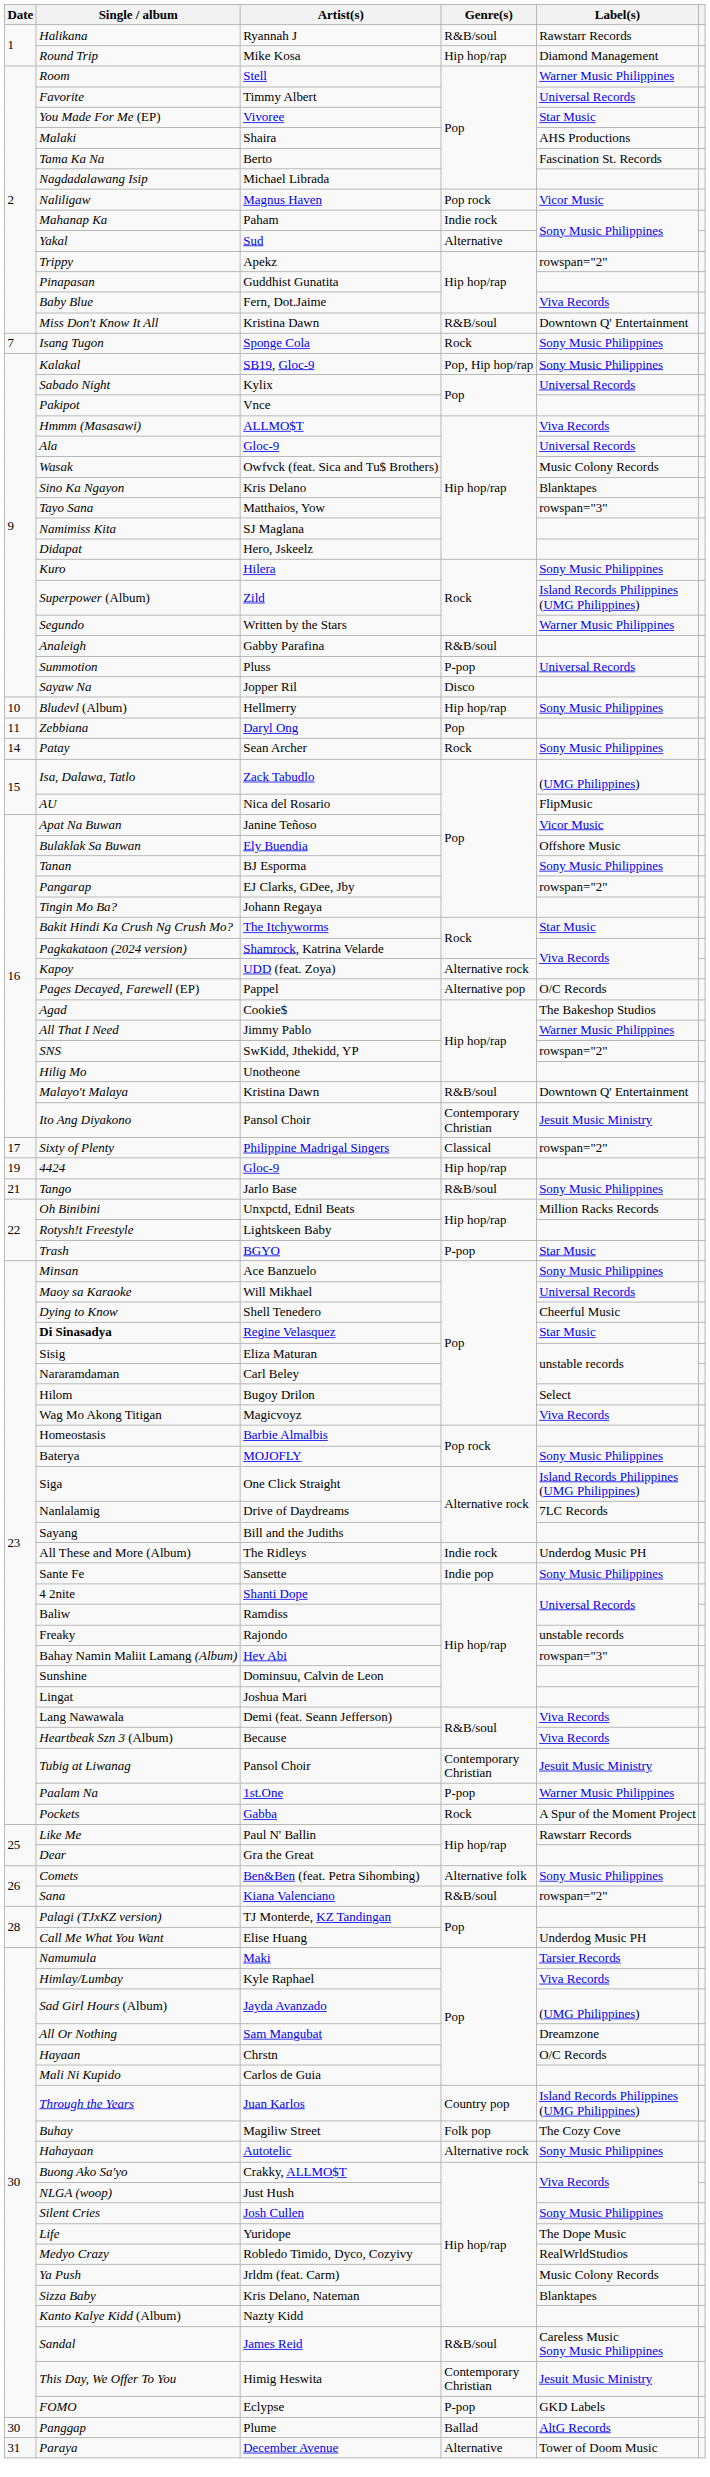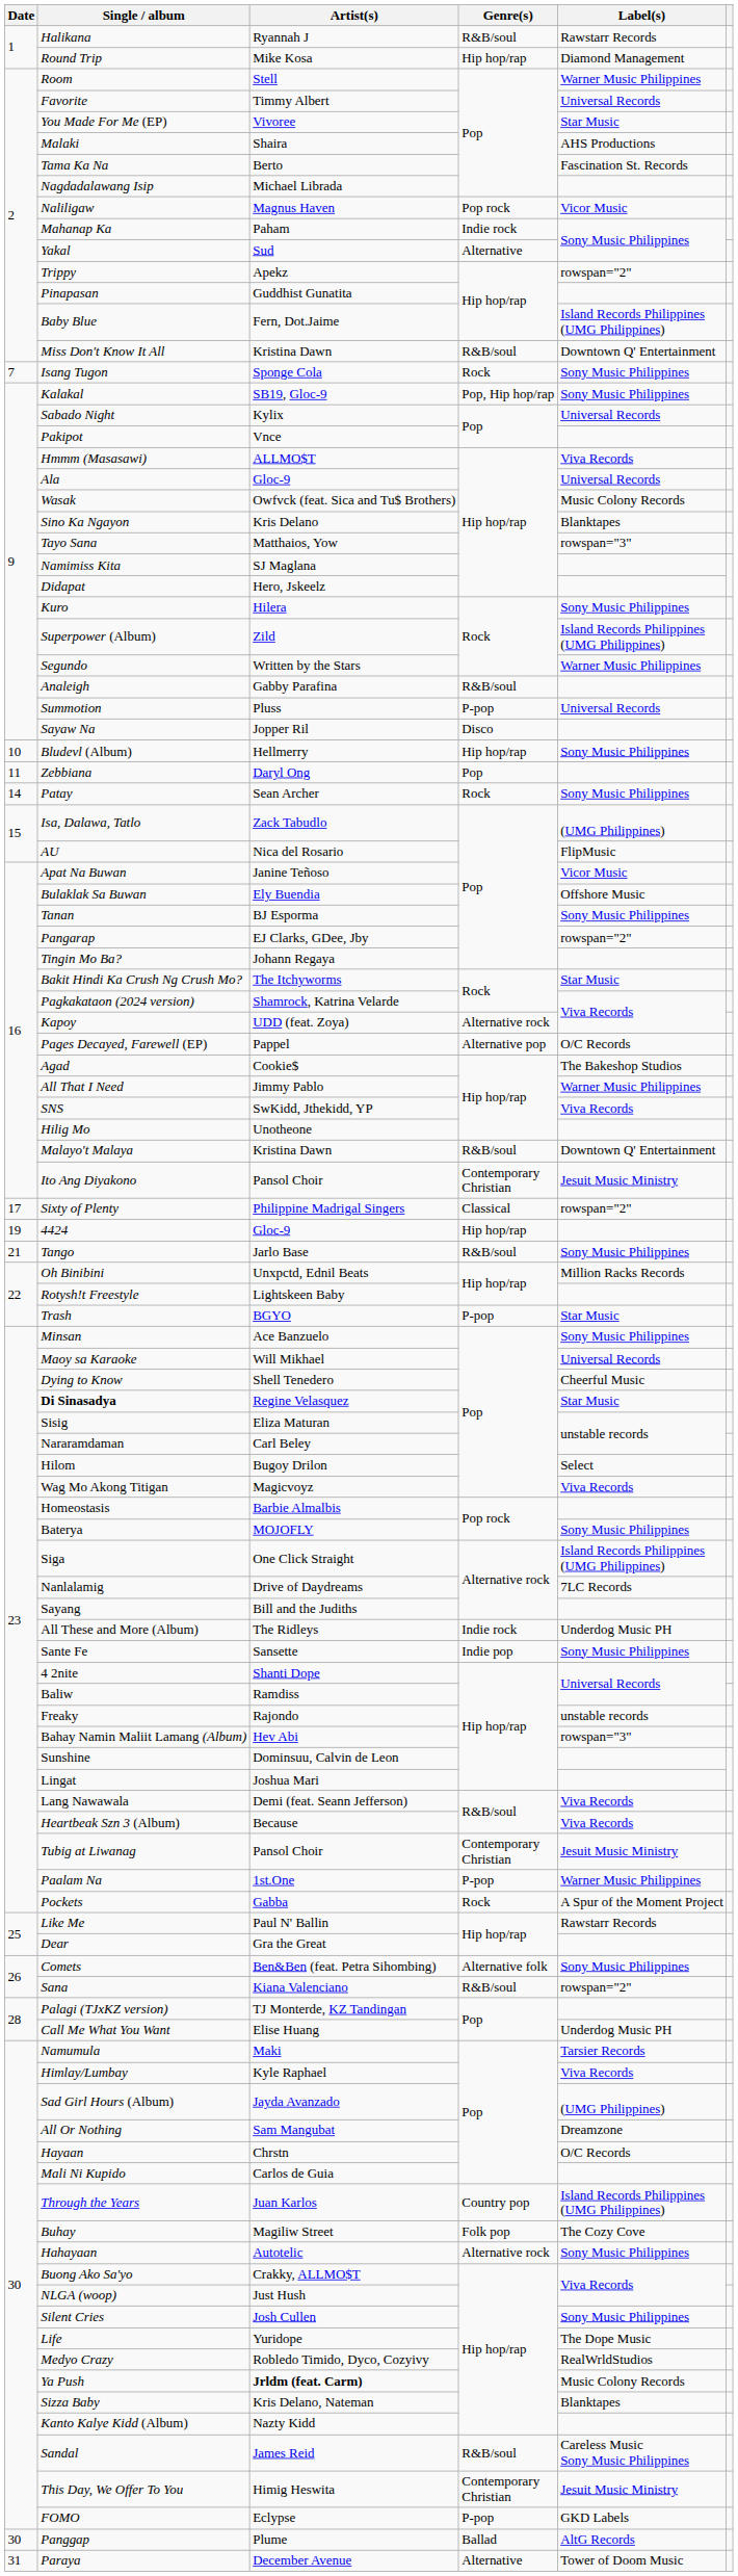 <table class="wikitable">
 <tr>
 <th>Date</th>
 <th>Single / album</th>
 <th>Artist(s)</th>
 <th>Genre(s)</th>
 <th>Label(s)</th>
 <th></th>
 </tr>
 <tr>
 <td rowspan="2">1</td>
 <td><em>Halikana</em></td>
 <td>Ryannah J</td>
 <td>R&B/soul</td>
 <td>Rawstarr Records</td>
 <td></td>
 </tr>
 <tr>
 <td><em>Round Trip</em></td>
 <td>Mike Kosa</td>
 <td>Hip hop/rap</td>
 <td>Diamond Management</td>
 <td></td>
 </tr>
 <tr>
 <td rowspan="13">2</td>
 <td><em>Room</em></td>
 <td><a href='#'>Stell</a></td>
 <td rowspan="6">Pop</td>
 <td><a href='#'>Warner Music Philippines</a></td>
 <td></td>
 </tr>
 <tr>
 <td><em>Favorite</em></td>
 <td>Timmy Albert</td>
 <td><a href='#'>Universal Records</a></td>
 <td></td>
 </tr>
 <tr>
 <td><em>You Made For Me</em> (EP)</td>
 <td><a href='#'>Vivoree</a></td>
 <td><a href='#'>Star Music</a></td>
 <td></td>
 </tr>
 <tr>
 <td><em>Malaki</em></td>
 <td>Shaira</td>
 <td>AHS Productions</td>
 <td></td>
 </tr>
 <tr>
 <td><em>Tama Ka Na</em></td>
 <td>Berto</td>
 <td>Fascination St. Records</td>
 <td></td>
 </tr>
 <tr>
 <td><em>Nagdadalawang Isip</em></td>
 <td>Michael Librada</td>
 <td></td>
 <td></td>
 </tr>
 <tr>
 <td><em>Naliligaw</em></td>
 <td><a href='#'>Magnus Haven</a></td>
 <td>Pop rock</td>
 <td><a href='#'>Vicor Music</a></td>
 <td></td>
 </tr>
 <tr>
 <td><em>Mahanap Ka</em></td>
 <td>Paham</td>
 <td>Indie rock</td>
 <td rowspan="2"><a href='#'>Sony Music Philippines</a></td>
 <td></td>
 </tr>
 <tr>
 <td><em>Yakal</em></td>
 <td><a href='#'>Sud</a></td>
 <td>Alternative</td>
 <td></td>
 </tr>
 <tr>
 <td><em>Trippy</em></td>
 <td>Apekz</td>
 <td rowspan="3">Hip hop/rap</td>
 <td>rowspan="2" </td>
 <td></td>
 </tr>
 <tr>
 <td><em>Pinapasan</em></td>
 <td>Guddhist Gunatita</td>
 <td></td>
 </tr>
 <tr>
 <td><em>Baby Blue</em></td>
 <td>Fern, Dot.Jaime</td>
-<td><a href='#'>Viva Records</a></td>
+<td><a href='#'>Island Records Philippines</a><br>(<a href='#'>UMG Philippines</a>)</td>
 <td></td>
 </tr>
 <tr>
 <td><em>Miss Don't Know It All</em></td>
 <td>Kristina Dawn</td>
 <td>R&B/soul</td>
 <td>Downtown Q' Entertainment</td>
 <td></td>
 </tr>
 <tr>
 <td>7</td>
 <td><em>Isang Tugon</em></td>
 <td><a href='#'>Sponge Cola</a></td>
 <td>Rock</td>
 <td><a href='#'>Sony Music Philippines</a></td>
 <td></td>
 </tr>
 <tr>
 <td rowspan="16">9</td>
 <td><em>Kalakal</em></td>
 <td><a href='#'>SB19</a>, <a href='#'>Gloc-9</a></td>
 <td>Pop, Hip hop/rap</td>
 <td><a href='#'>Sony Music Philippines</a></td>
 <td></td>
 </tr>
 <tr>
 <td><em>Sabado Night</em></td>
 <td>Kylix</td>
 <td rowspan="2">Pop</td>
 <td><a href='#'>Universal Records</a></td>
 <td></td>
 </tr>
 <tr>
 <td><em>Pakipot</em></td>
 <td>Vnce</td>
 <td></td>
 <td></td>
 </tr>
 <tr>
 <td><em>Hmmm (Masasawi)</em></td>
 <td><a href='#'>ALLMO$T</a></td>
 <td rowspan="7">Hip hop/rap</td>
 <td><a href='#'>Viva Records</a></td>
 <td></td>
 </tr>
 <tr>
 <td><em>Ala</em></td>
 <td><a href='#'>Gloc-9</a></td>
 <td><a href='#'>Universal Records</a></td>
 <td></td>
 </tr>
 <tr>
 <td><em>Wasak</em></td>
 <td>Owfvck (feat. Sica and Tu$ Brothers)</td>
 <td>Music Colony Records</td>
 <td></td>
 </tr>
 <tr>
 <td><em>Sino Ka Ngayon</em></td>
 <td>Kris Delano</td>
 <td>Blanktapes</td>
 <td></td>
 </tr>
 <tr>
 <td><em>Tayo Sana</em></td>
 <td>Matthaios, Yow</td>
 <td>rowspan="3" </td>
 <td></td>
 </tr>
 <tr>
 <td><em>Namimiss Kita</em></td>
 <td>SJ Maglana</td>
 <td></td>
 </tr>
 <tr>
 <td><em>Didapat</em></td>
 <td>Hero, Jskeelz</td>
 <td></td>
 </tr>
 <tr>
 <td><em>Kuro</em></td>
 <td><a href='#'>Hilera</a></td>
 <td rowspan="3">Rock</td>
 <td><a href='#'>Sony Music Philippines</a></td>
 <td></td>
 </tr>
 <tr>
 <td><em>Superpower</em> (Album)</td>
 <td><a href='#'>Zild</a></td>
 <td><a href='#'>Island Records Philippines</a><br>(<a href='#'>UMG Philippines</a>)</td>
 <td></td>
 </tr>
 <tr>
 <td><em>Segundo</em></td>
 <td>Written by the Stars</td>
 <td><a href='#'>Warner Music Philippines</a></td>
 <td></td>
 </tr>
 <tr>
 <td><em>Analeigh</em></td>
 <td>Gabby Parafina</td>
 <td>R&B/soul</td>
 <td></td>
 <td></td>
 </tr>
 <tr>
 <td><em>Summotion</em></td>
 <td>Pluss</td>
 <td>P-pop</td>
 <td><a href='#'>Universal Records</a></td>
 <td></td>
 </tr>
 <tr>
 <td><em>Sayaw Na</em></td>
 <td>Jopper Ril</td>
 <td>Disco</td>
 <td></td>
 <td></td>
 </tr>
 <tr>
 <td>10</td>
 <td><em>Bludevl</em> (Album)</td>
 <td>Hellmerry</td>
 <td>Hip hop/rap</td>
 <td><a href='#'>Sony Music Philippines</a></td>
 <td></td>
 </tr>
 <tr>
 <td>11</td>
 <td><em>Zebbiana</em></td>
 <td><a href='#'>Daryl Ong</a></td>
 <td>Pop</td>
 <td></td>
 <td></td>
 </tr>
 <tr>
 <td>14</td>
 <td><em>Patay</em></td>
 <td>Sean Archer</td>
 <td>Rock</td>
 <td><a href='#'>Sony Music Philippines</a></td>
 <td></td>
 </tr>
 <tr>
 <td rowspan="2">15</td>
 <td><em>Isa, Dalawa, Tatlo</em></td>
 <td><a href='#'>Zack Tabudlo</a></td>
 <td rowspan="7">Pop</td>
 <td><br>(<a href='#'>UMG Philippines</a>)</td>
 <td></td>
 </tr>
 <tr>
 <td><em>AU</em></td>
 <td>Nica del Rosario</td>
 <td>FlipMusic</td>
 <td></td>
 </tr>
 <tr>
 <td rowspan="15">16</td>
 <td><em>Apat Na Buwan</em></td>
 <td>Janine Teñoso</td>
 <td><a href='#'>Vicor Music</a></td>
 <td></td>
 </tr>
 <tr>
 <td><em>Bulaklak Sa Buwan</em></td>
 <td><a href='#'>Ely Buendia</a></td>
 <td>Offshore Music</td>
 <td></td>
 </tr>
 <tr>
 <td><em>Tanan</em></td>
 <td>BJ Esporma</td>
 <td><a href='#'>Sony Music Philippines</a></td>
 <td></td>
 </tr>
 <tr>
 <td><em>Pangarap</em></td>
 <td>EJ Clarks, GDee, Jby</td>
 <td>rowspan="2" </td>
 <td></td>
 </tr>
 <tr>
 <td><em>Tingin Mo Ba?</em></td>
 <td>Johann Regaya</td>
 <td></td>
 </tr>
 <tr>
 <td><em>Bakit Hindi Ka Crush Ng Crush Mo?</em></td>
 <td><a href='#'>The Itchyworms</a></td>
 <td rowspan="2">Rock</td>
 <td><a href='#'>Star Music</a></td>
 <td></td>
 </tr>
 <tr>
 <td><em>Pagkakataon (2024 version)</em></td>
 <td><a href='#'>Shamrock</a>, Katrina Velarde</td>
 <td rowspan="2"><a href='#'>Viva Records</a></td>
 <td></td>
 </tr>
 <tr>
 <td><em>Kapoy</em></td>
 <td><a href='#'>UDD</a> (feat. Zoya)</td>
 <td>Alternative rock</td>
 <td></td>
 </tr>
 <tr>
 <td><em>Pages Decayed, Farewell</em> (EP)</td>
 <td>Pappel</td>
 <td>Alternative pop</td>
 <td>O/C Records</td>
 <td></td>
 </tr>
 <tr>
 <td><em>Agad</em></td>
 <td>Cookie$</td>
 <td rowspan="4">Hip hop/rap</td>
 <td>The Bakeshop Studios</td>
 <td></td>
 </tr>
 <tr>
 <td><em>All That I Need</em></td>
 <td>Jimmy Pablo</td>
 <td><a href='#'>Warner Music Philippines</a></td>
 <td></td>
 </tr>
 <tr>
 <td><em>SNS</em></td>
 <td>SwKidd, Jthekidd, YP</td>
-<td>rowspan="2" </td>
+<td><a href='#'>Viva Records</a></td>
 <td></td>
 </tr>
 <tr>
 <td><em>Hilig Mo</em></td>
 <td>Unotheone</td>
 <td></td>
 </tr>
 <tr>
 <td><em>Malayo't Malaya</em></td>
 <td>Kristina Dawn</td>
 <td>R&B/soul</td>
 <td>Downtown Q' Entertainment</td>
 <td></td>
 </tr>
 <tr>
 <td><em>Ito Ang Diyakono</em></td>
 <td>Pansol Choir</td>
 <td>Contemporary<br>Christian</td>
 <td><a href='#'>Jesuit Music Ministry</a></td>
 <td></td>
 </tr>
 <tr>
 <td>17</td>
 <td><em>Sixty of Plenty</em></td>
 <td><a href='#'>Philippine Madrigal Singers</a></td>
 <td>Classical</td>
 <td>rowspan="2" </td>
 <td></td>
 </tr>
 <tr>
 <td>19</td>
 <td><em>4424</em></td>
 <td><a href='#'>Gloc-9</a></td>
 <td>Hip hop/rap</td>
 <td></td>
 </tr>
 <tr>
 <td>21</td>
 <td><em>Tango</em></td>
 <td>Jarlo Base</td>
 <td>R&B/soul</td>
 <td><a href='#'>Sony Music Philippines</a></td>
 <td></td>
 </tr>
 <tr>
 <td rowspan="3">22</td>
 <td><em>Oh Binibini</em></td>
 <td>Unxpctd, Ednil Beats</td>
 <td rowspan="2">Hip hop/rap</td>
 <td>Million Racks Records</td>
 <td></td>
 </tr>
 <tr>
 <td><em>Rotysh!t Freestyle</em></td>
 <td>Lightskeen Baby</td>
 <td></td>
 <td></td>
 </tr>
 <tr>
 <td><em>Trash</em></td>
 <td><a href='#'>BGYO</a></td>
 <td>P-pop</td>
 <td><a href='#'>Star Music</a></td>
 <td></td>
 </tr>
 <tr>
 <td rowspan="26">23</td>
 <td><em>Minsan</em></td>
 <td>Ace Banzuelo</td>
 <td rowspan="8">Pop</td>
 <td><a href='#'>Sony Music Philippines</a></td>
 <td></td>
 </tr>
 <tr>
 <td><em>Maoy sa Karaoke</em></td>
 <td>Will Mikhael</td>
 <td><a href='#'>Universal Records</a></td>
 <td></td>
 </tr>
 <tr>
 <td><em>Dying to Know</em></td>
 <td>Shell Tenedero</td>
 <td>Cheerful Music</td>
 <td></td>
 </tr>
 <tr>
 <td><strong>Di Sinasadya<em></td>
 <td><a href='#'>Regine Velasquez</a></td>
 <td><a href='#'>Star Music</a></td>
 <td></td>
 </tr>
 <tr>
 <td></em>Sisig<em></td>
 <td>Eliza Maturan</td>
 <td rowspan="2">unstable records</td>
 <td></td>
 </tr>
 <tr>
 <td></em>Nararamdaman<em></td>
 <td>Carl Beley</td>
 <td></td>
 </tr>
 <tr>
 <td></em>Hilom<em></td>
 <td>Bugoy Drilon</td>
 <td>Select</td>
 <td></td>
 </tr>
 <tr>
 <td></em>Wag Mo Akong Titigan<em></td>
 <td>Magicvoyz</td>
 <td><a href='#'>Viva Records</a></td>
 <td></td>
 </tr>
 <tr>
 <td></em>Homeostasis<em></td>
 <td><a href='#'>Barbie Almalbis</a></td>
 <td rowspan="2">Pop rock</td>
 <td></td>
 <td></td>
 </tr>
 <tr>
 <td></em>Baterya<em></td>
 <td><a href='#'>MOJOFLY</a></td>
 <td><a href='#'>Sony Music Philippines</a></td>
 <td></td>
 </tr>
 <tr>
 <td></em>Siga<em></td>
 <td>One Click Straight</td>
 <td rowspan="3">Alternative rock</td>
 <td><a href='#'>Island Records Philippines</a><br>(<a href='#'>UMG Philippines</a>)</td>
 <td></td>
 </tr>
 <tr>
 <td></em>Nanlalamig<em></td>
 <td>Drive of Daydreams</td>
 <td>7LC Records</td>
 <td></td>
 </tr>
 <tr>
 <td></em>Sayang<em></td>
 <td>Bill and the Judiths</td>
 <td></td>
 <td></td>
 </tr>
 <tr>
 <td></em>All These and More (Album)<em></td>
 <td>The Ridleys</td>
 <td>Indie rock</td>
 <td>Underdog Music PH</td>
 <td></td>
 </tr>
 <tr>
 <td></em>Sante Fe<em></td>
 <td>Sansette</td>
 <td>Indie pop</td>
 <td><a href='#'>Sony Music Philippines</a></td>
 <td></td>
 </tr>
 <tr>
 <td></em>4 2nite<em></td>
 <td><a href='#'>Shanti Dope</a></td>
 <td rowspan="6">Hip hop/rap</td>
 <td rowspan="2"><a href='#'>Universal Records</a></td>
 <td></td>
 </tr>
 <tr>
 <td></em>Baliw<em></td>
 <td>Ramdiss</td>
 <td></td>
 </tr>
 <tr>
 <td></em>Freaky<em></td>
 <td>Rajondo</td>
 <td>unstable records</td>
 <td></td>
 </tr>
 <tr>
 <td></em>Bahay Namin Maliit Lamang<em> (Album)</td>
 <td><a href='#'>Hev Abi</a></td>
 <td>rowspan="3" </td>
 <td></td>
 </tr>
 <tr>
 <td></em>Sunshine<em></td>
 <td>Dominsuu, Calvin de Leon</td>
 <td></td>
 </tr>
 <tr>
 <td></em>Lingat<em></td>
 <td>Joshua Mari</td>
 <td></td>
 </tr>
 <tr>
 <td></strong>Lang Nawawala</em></td>
 <td>Demi (feat. Seann Jefferson)</td>
 <td rowspan="2">R&B/soul</td>
 <td><a href='#'>Viva Records</a></td>
 <td></td>
 </tr>
 <tr>
 <td><em>Heartbeak Szn 3</em> (Album)</td>
 <td>Because</td>
 <td><a href='#'>Viva Records</a></td>
 <td></td>
 </tr>
 <tr>
 <td><em>Tubig at Liwanag</em></td>
 <td>Pansol Choir</td>
 <td>Contemporary<br>Christian</td>
 <td><a href='#'>Jesuit Music Ministry</a></td>
 <td></td>
 </tr>
 <tr>
 <td><em>Paalam Na</em></td>
 <td><a href='#'>1st.One</a></td>
 <td>P-pop</td>
 <td><a href='#'>Warner Music Philippines</a></td>
 <td></td>
 </tr>
 <tr>
 <td><em>Pockets</em></td>
 <td><a href='#'>Gabba</a></td>
 <td>Rock</td>
 <td>A Spur of the Moment Project</td>
 <td></td>
 </tr>
 <tr>
 <td rowspan="2">25</td>
 <td><em>Like Me</em></td>
 <td>Paul N' Ballin</td>
 <td rowspan="2">Hip hop/rap</td>
 <td>Rawstarr Records</td>
 <td></td>
 </tr>
 <tr>
 <td><em>Dear</em></td>
 <td>Gra the Great</td>
 <td></td>
 <td></td>
 </tr>
 <tr>
 <td rowspan="2">26</td>
 <td><em>Comets</em></td>
 <td><a href='#'>Ben&Ben</a> (feat. Petra Sihombing)</td>
 <td>Alternative folk</td>
 <td><a href='#'>Sony Music Philippines</a></td>
 <td></td>
 </tr>
 <tr>
 <td><em>Sana</em></td>
 <td><a href='#'>Kiana Valenciano</a></td>
 <td>R&B/soul</td>
 <td>rowspan="2" </td>
 <td></td>
 </tr>
 <tr>
 <td rowspan="2">28</td>
 <td><em>Palagi (TJxKZ version)</em></td>
 <td>TJ Monterde, <a href='#'>KZ Tandingan</a></td>
 <td rowspan="2">Pop</td>
 <td></td>
 </tr>
 <tr>
 <td><em>Call Me What You Want</em></td>
 <td>Elise Huang</td>
 <td>Underdog Music PH</td>
 <td></td>
 </tr>
 <tr>
 <td rowspan="20">30</td>
 <td><em>Namumula</em></td>
 <td><a href='#'>Maki</a></td>
 <td rowspan="6">Pop</td>
 <td><a href='#'>Tarsier Records</a></td>
 <td></td>
 </tr>
 <tr>
 <td><em>Himlay/Lumbay</em></td>
 <td>Kyle Raphael</td>
 <td><a href='#'>Viva Records</a></td>
 <td></td>
 </tr>
 <tr>
 <td><em>Sad Girl Hours</em> (Album)</td>
 <td><a href='#'>Jayda Avanzado</a></td>
 <td><br>(<a href='#'>UMG Philippines</a>)</td>
 <td></td>
 </tr>
 <tr>
 <td><em>All Or Nothing</em></td>
 <td><a href='#'>Sam Mangubat</a></td>
 <td>Dreamzone</td>
 <td></td>
 </tr>
 <tr>
 <td><em>Hayaan</em></td>
 <td>Chrstn</td>
 <td>O/C Records</td>
 <td></td>
 </tr>
 <tr>
 <td><em>Mali Ni Kupido</em></td>
 <td>Carlos de Guia</td>
 <td></td>
 <td></td>
 </tr>
 <tr>
 <td><em><a href='#'>Through the Years</a></em></td>
 <td><a href='#'>Juan Karlos</a></td>
 <td>Country pop</td>
 <td><a href='#'>Island Records Philippines</a><br>(<a href='#'>UMG Philippines</a>)</td>
 <td></td>
 </tr>
 <tr>
 <td><em>Buhay</em></td>
 <td>Magiliw Street</td>
 <td>Folk pop</td>
 <td>The Cozy Cove</td>
 <td></td>
 </tr>
 <tr>
 <td><em>Hahayaan</em></td>
 <td><a href='#'>Autotelic</a></td>
 <td>Alternative rock</td>
 <td><a href='#'>Sony Music Philippines</a></td>
 <td></td>
 </tr>
 <tr>
 <td><em>Buong Ako Sa'yo</em></td>
 <td>Crakky, <a href='#'>ALLMO$T</a></td>
 <td rowspan="8">Hip hop/rap</td>
 <td rowspan="2"><a href='#'>Viva Records</a></td>
 <td></td>
 </tr>
 <tr>
 <td><em>NLGA (woop)</em></td>
 <td>Just Hush</td>
 <td></td>
 </tr>
 <tr>
 <td><em>Silent Cries</em></td>
 <td><a href='#'>Josh Cullen</a></td>
 <td><a href='#'>Sony Music Philippines</a></td>
 <td></td>
 </tr>
 <tr>
 <td><em>Life</em></td>
 <td>Yuridope</td>
 <td>The Dope Music</td>
 <td></td>
 </tr>
 <tr>
 <td><em>Medyo Crazy</em></td>
 <td>Robledo Timido, Dyco, Cozyivy</td>
 <td>RealWrldStudios</td>
 <td></td>
 </tr>
 <tr>
 <td><em>Ya Push</em></td>
-<td>Jrldm (feat. Carm)</td>
+<td><strong>Jrldm (feat. Carm)</strong></td>
 <td>Music Colony Records</td>
 <td></td>
 </tr>
 <tr>
 <td><em>Sizza Baby</em></td>
 <td>Kris Delano, Nateman</td>
 <td>Blanktapes</td>
 <td></td>
 </tr>
 <tr>
 <td><em>Kanto Kalye Kidd</em> (Album)</td>
 <td>Nazty Kidd</td>
 <td></td>
 <td></td>
 </tr>
 <tr>
 <td><em>Sandal</em></td>
 <td><a href='#'>James Reid</a></td>
 <td>R&B/soul</td>
 <td>Careless Music<br><a href='#'>Sony Music Philippines</a></td>
 <td></td>
 </tr>
 <tr>
 <td><em>This Day, We Offer To You</em></td>
 <td>Himig Heswita</td>
 <td>Contemporary<br>Christian</td>
 <td><a href='#'>Jesuit Music Ministry</a></td>
 <td></td>
 </tr>
 <tr>
 <td><em>FOMO</em></td>
 <td>Eclypse</td>
 <td>P-pop</td>
 <td>GKD Labels</td>
 <td></td>
 </tr>
 <tr>
 <td>30</td>
 <td><em>Panggap</em></td>
 <td>Plume</td>
 <td>Ballad</td>
 <td><a href='#'>AltG Records</a></td>
 <td></td>
 </tr>
 <tr>
 <td>31</td>
 <td><em>Paraya</em></td>
 <td><a href='#'>December Avenue</a></td>
 <td>Alternative</td>
 <td>Tower of Doom Music</td>
 <td></td>
 </tr>
 </table>
